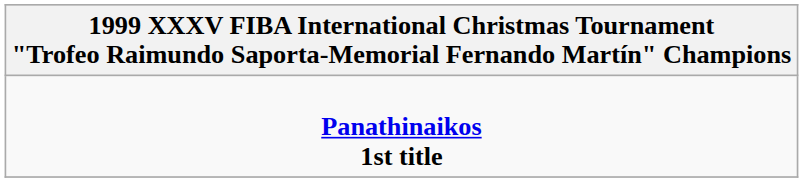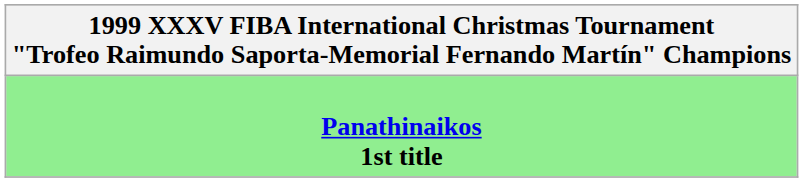 <table class=wikitable style="text-align:center; margin:auto">
 <tr>
 <th>1999 XXXV FIBA International Christmas Tournament<br>"Trofeo Raimundo Saporta-Memorial Fernando Martín" Champions</th>
 </tr>
 <tr>
-<td><br> <strong><a href='#'>Panathinaikos</a></strong> <br> <strong>1st title</strong></td>
+<td style="background: lightgreen;"><br> <strong><a href='#'>Panathinaikos</a></strong> <br> <strong>1st title</strong></td>
 </tr>
 </table>
